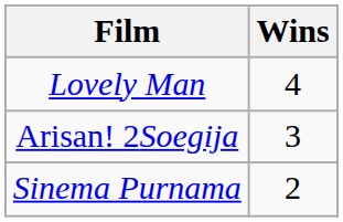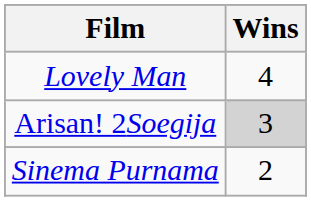 <table style="text-align: center" class="wikitable sortable">
 <tr>
 <th>Film</th>
 <th>Wins</th>
 </tr>
 <tr>
 <td><em><a href='#'>Lovely Man</a></em></td>
 <td>4</td>
 </tr>
 <tr>
 <td><em><a href='#'></em>Arisan! 2<em></a></em><em><a href='#'>Soegija</a></em></td>
-<td>3</td>
+<td style="background: lightgrey;">3</td>
 </tr>
 <tr>
 <td><em><a href='#'>Sinema Purnama</a></em></td>
 <td>2</td>
 </tr>
 </table>
